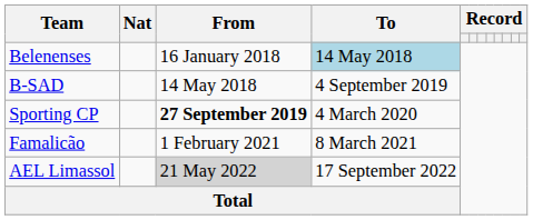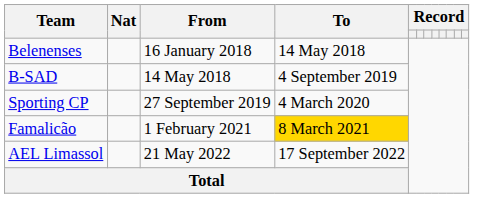 <table class=wikitable style="text-align: center">
 <tr>
 <th rowspan="2">Team</th>
 <th rowspan="2">Nat</th>
 <th rowspan="2">From</th>
 <th rowspan="2">To</th>
 <th colspan="8">Record</th>
 </tr>
 <tr>
 <th></th>
 <th></th>
 <th></th>
 <th></th>
 <th></th>
 <th></th>
 <th></th>
 <th></th>
 </tr>
 <tr>
 <td align=left><a href='#'>Belenenses</a></td>
 <td></td>
 <td align=left>16 January 2018</td>
-<td align=left style="background: lightblue;">14 May 2018<br></td>
+<td align=left>14 May 2018<br></td>
 </tr>
 <tr>
 <td align=left><a href='#'>B-SAD</a></td>
 <td></td>
 <td align=left>14 May 2018</td>
 <td align=left>4 September 2019<br></td>
 </tr>
 <tr>
 <td align=left><a href='#'>Sporting CP</a></td>
 <td></td>
-<td align=left><strong>27 September 2019</strong></td>
+<td align=left>27 September 2019</td>
 <td align=left>4 March 2020<br></td>
 </tr>
 <tr>
 <td align=left><a href='#'>Famalicão</a></td>
 <td></td>
 <td align=left>1 February 2021</td>
-<td align=left>8 March 2021<br></td>
+<td align=left style="background: gold;">8 March 2021<br></td>
 </tr>
 <tr>
 <td align=left><a href='#'>AEL Limassol</a></td>
 <td></td>
-<td align=left style="background: lightgrey;">21 May 2022</td>
+<td align=left>21 May 2022</td>
 <td align=left>17 September 2022<br></td>
 </tr>
 <tr>
 <th colspan=4>Total<br></th>
 </tr>
 </table>
